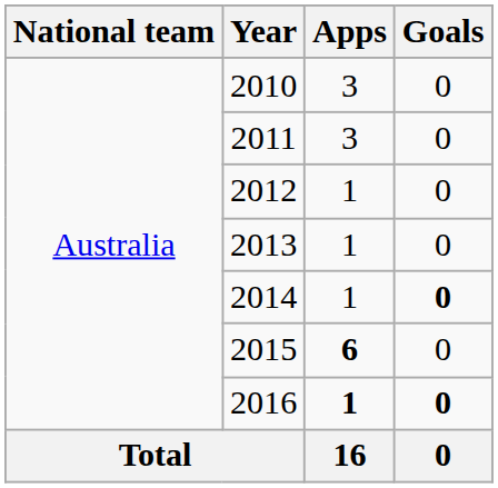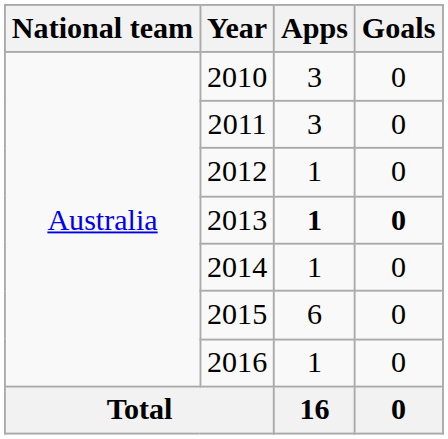 <table class=wikitable style=text-align:center>
 <tr>
 <th>National team</th>
 <th>Year</th>
 <th>Apps</th>
 <th>Goals</th>
 </tr>
 <tr>
 <td rowspan=7><a href='#'>Australia</a></td>
 <td>2010</td>
 <td>3</td>
 <td>0</td>
 </tr>
 <tr>
 <td>2011</td>
 <td>3</td>
 <td>0</td>
 </tr>
 <tr>
 <td>2012</td>
 <td>1</td>
 <td>0</td>
 </tr>
 <tr>
 <td>2013</td>
+<td><strong>1</strong></td>
+<td><strong>0</strong></td>
+</tr>
+<tr>
+<td>2014</td>
 <td>1</td>
 <td>0</td>
 </tr>
 <tr>
-<td>2014</td>
-<td>1</td>
-<td><strong>0</strong></td>
-</tr>
-<tr>
 <td>2015</td>
-<td><strong>6</strong></td>
+<td>6</td>
 <td>0</td>
 </tr>
 <tr>
 <td>2016</td>
-<td><strong>1</strong></td>
-<td><strong>0</strong></td>
+<td>1</td>
+<td>0</td>
 </tr>
 <tr>
 <th colspan=2>Total</th>
 <th>16</th>
 <th>0</th>
 </tr>
 </table>
